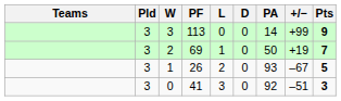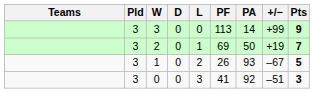 <table class="wikitable" style="text-align: center;">
 <tr>
 <th width="175">Teams</th>
 <th width="25">Pld</th>
 <th width="25">W</th>
+<th width="25">D</th>
+<th width="25">L</th>
 <th width="32">PF</th>
-<th width="25">L</th>
-<th width="25">D</th>
 <th width="32">PA</th>
 <th width="32">+/−</th>
 <th width="25">Pts</th>
 </tr>
 <tr bgcolor=ccffcc>
 <td align=left></td>
 <td>3</td>
 <td>3</td>
-<td>113</td>
 <td>0</td>
 <td>0</td>
+<td>113</td>
 <td>14</td>
 <td>+99</td>
 <td><strong>9</strong></td>
 </tr>
 <tr bgcolor=ccffcc>
 <td align=left></td>
 <td>3</td>
 <td>2</td>
+<td>0</td>
+<td>1</td>
 <td>69</td>
-<td>1</td>
-<td>0</td>
 <td>50</td>
 <td>+19</td>
 <td><strong>7</strong></td>
 </tr>
 <tr>
 <td align=left></td>
 <td>3</td>
 <td>1</td>
+<td>0</td>
+<td>2</td>
 <td>26</td>
-<td>2</td>
-<td>0</td>
 <td>93</td>
 <td>–67</td>
 <td><strong>5</strong></td>
 </tr>
 <tr>
 <td align=left></td>
 <td>3</td>
 <td>0</td>
+<td>0</td>
+<td>3</td>
 <td>41</td>
-<td>3</td>
-<td>0</td>
 <td>92</td>
 <td>–51</td>
 <td><strong>3</strong></td>
 </tr>
 </table>
